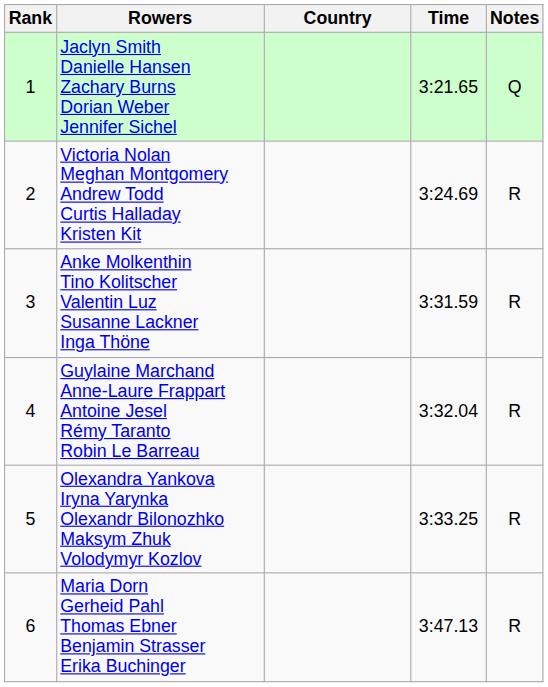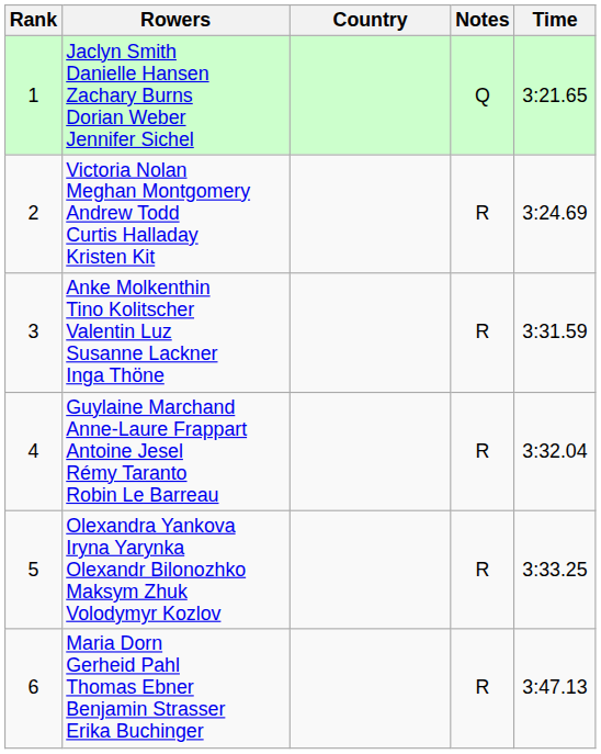 <table class="wikitable" style="text-align:center">
 <tr>
 <th>Rank</th>
 <th width=180>Rowers</th>
 <th width=125>Country</th>
+<th>Notes</th>
 <th width=60>Time</th>
-<th>Notes</th>
 </tr>
 <tr bgcolor=#ccffcc>
 <td>1</td>
 <td style="text-align:left"><a href='#'>Jaclyn Smith</a><br><a href='#'>Danielle Hansen</a><br><a href='#'>Zachary Burns</a><br><a href='#'>Dorian Weber</a><br><a href='#'>Jennifer Sichel</a></td>
 <td style="text-align:left"></td>
+<td>Q</td>
 <td>3:21.65</td>
-<td>Q</td>
 </tr>
 <tr>
 <td>2</td>
 <td style="text-align:left"><a href='#'>Victoria Nolan</a><br><a href='#'>Meghan Montgomery</a><br><a href='#'>Andrew Todd</a><br><a href='#'>Curtis Halladay</a><br><a href='#'>Kristen Kit</a></td>
 <td style="text-align:left"></td>
+<td>R</td>
 <td>3:24.69</td>
-<td>R</td>
 </tr>
 <tr>
 <td>3</td>
 <td style="text-align:left"><a href='#'>Anke Molkenthin</a><br><a href='#'>Tino Kolitscher</a><br><a href='#'>Valentin Luz</a><br><a href='#'>Susanne Lackner</a><br><a href='#'>Inga Thöne</a></td>
 <td style="text-align:left"></td>
+<td>R</td>
 <td>3:31.59</td>
-<td>R</td>
 </tr>
 <tr>
 <td>4</td>
 <td style="text-align:left"><a href='#'>Guylaine Marchand</a><br><a href='#'>Anne-Laure Frappart</a><br><a href='#'>Antoine Jesel</a><br><a href='#'>Rémy Taranto</a><br><a href='#'>Robin Le Barreau</a></td>
 <td style="text-align:left"></td>
+<td>R</td>
 <td>3:32.04</td>
-<td>R</td>
 </tr>
 <tr>
 <td>5</td>
 <td style="text-align:left"><a href='#'>Olexandra Yankova</a><br><a href='#'>Iryna Yarynka</a><br><a href='#'>Olexandr Bilonozhko</a><br><a href='#'>Maksym Zhuk</a><br><a href='#'>Volodymyr Kozlov</a></td>
 <td style="text-align:left"></td>
+<td>R</td>
 <td>3:33.25</td>
-<td>R</td>
 </tr>
 <tr>
 <td>6</td>
 <td style="text-align:left"><a href='#'>Maria Dorn</a><br><a href='#'>Gerheid Pahl</a><br><a href='#'>Thomas Ebner</a><br><a href='#'>Benjamin Strasser</a><br><a href='#'>Erika Buchinger</a></td>
 <td style="text-align:left"></td>
+<td>R</td>
 <td>3:47.13</td>
-<td>R</td>
 </tr>
 </table>
